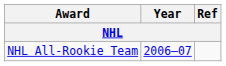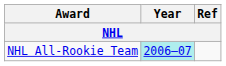 <table class="wikitable">
 <tr>
 <th>Award</th>
 <th>Year</th>
 <th>Ref</th>
 </tr>
 <tr>
 <th colspan="3"><a href='#'>NHL</a></th>
 </tr>
 <tr>
 <td><a href='#'>NHL All-Rookie Team</a></td>
-<td><a href='#'>2006–07</a></td>
+<td style="background: paleturquoise;"><a href='#'>2006–07</a></td>
 <td></td>
 </tr>
 </table>
